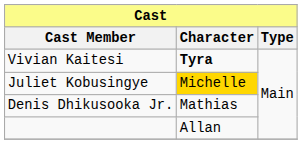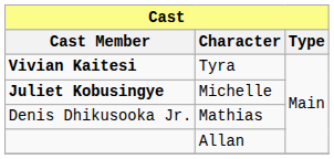 <table class="wikitable" width="">
 <tr>
 <th colspan="6" style="background: #FBFC8A;">Cast</th>
 </tr>
 <tr style="background:#ccc; text-align:center;">
 <th>Cast Member</th>
 <th>Character</th>
 <th>Type</th>
 </tr>
 <tr>
-<td>Vivian Kaitesi</td>
-<td><strong>Tyra</strong></td>
+<td><strong>Vivian Kaitesi</strong></td>
+<td>Tyra</td>
 <td rowspan="4">Main</td>
 </tr>
 <tr>
-<td>Juliet Kobusingye</td>
-<td style="background: gold;">Michelle</td>
+<td><strong>Juliet Kobusingye</strong></td>
+<td>Michelle</td>
 </tr>
 <tr>
 <td>Denis Dhikusooka Jr.</td>
 <td>Mathias</td>
 </tr>
 <tr>
 <td></td>
 <td>Allan</td>
 </tr>
 <tr>
 </tr>
 </table>
